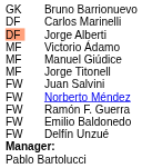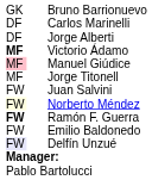 <table cellspacing="0" cellpadding="0" style="font-size:90%; margin:0.2em auto;">
 <tr>
 <th width="25"></th>
 <th width="25"></th>
 </tr>
 <tr>
 <td>GK</td>
 <td></td>
 <td> Bruno Barrionuevo</td>
 </tr>
 <tr>
 <td>DF</td>
 <td></td>
 <td> Carlos Marinelli</td>
 </tr>
 <tr>
-<td style="background: lightsalmon;">DF</td>
+<td>DF</td>
 <td></td>
 <td> Jorge Alberti</td>
 </tr>
 <tr>
-<td>MF</td>
+<td><strong>MF</strong></td>
 <td></td>
 <td> Victorio Ádamo</td>
 </tr>
 <tr>
-<td>MF</td>
+<td style="background: pink;">MF</td>
 <td></td>
 <td> Manuel Giúdice</td>
 </tr>
 <tr>
 <td>MF</td>
 <td></td>
 <td> Jorge Titonell</td>
 </tr>
 <tr>
 <td>FW</td>
 <td></td>
 <td> Juan Salvini</td>
 </tr>
 <tr>
-<td>FW</td>
+<td style="background: lightyellow;">FW</td>
 <td></td>
 <td> <a href='#'>Norberto Méndez</a></td>
 </tr>
 <tr>
-<td>FW</td>
+<td><strong>FW</strong></td>
 <td></td>
 <td> Ramón F. Guerra</td>
 </tr>
 <tr>
 <td>FW</td>
 <td></td>
 <td> Emilio Baldonedo</td>
 </tr>
 <tr>
-<td>FW</td>
+<td style="background: lavender;">FW</td>
 <td></td>
 <td> Delfín Unzué</td>
 </tr>
 <tr>
 <td colspan=4><strong>Manager:</strong></td>
 </tr>
 <tr>
 <td colspan="4"> Pablo Bartolucci</td>
 </tr>
 </table>
